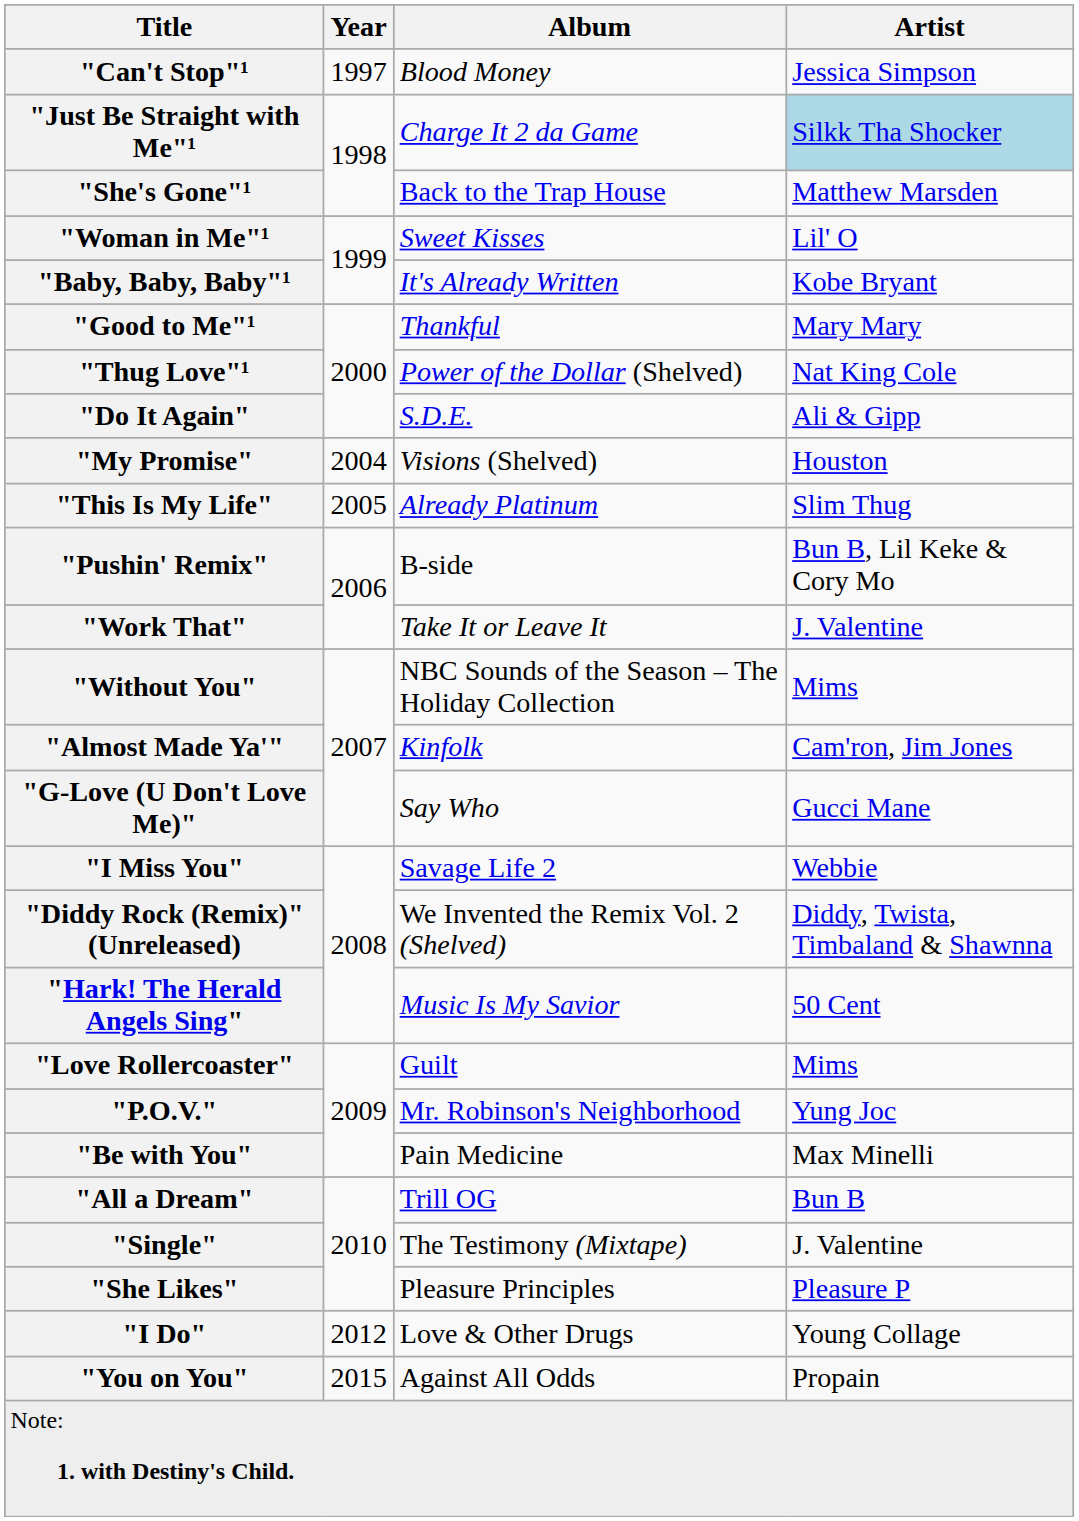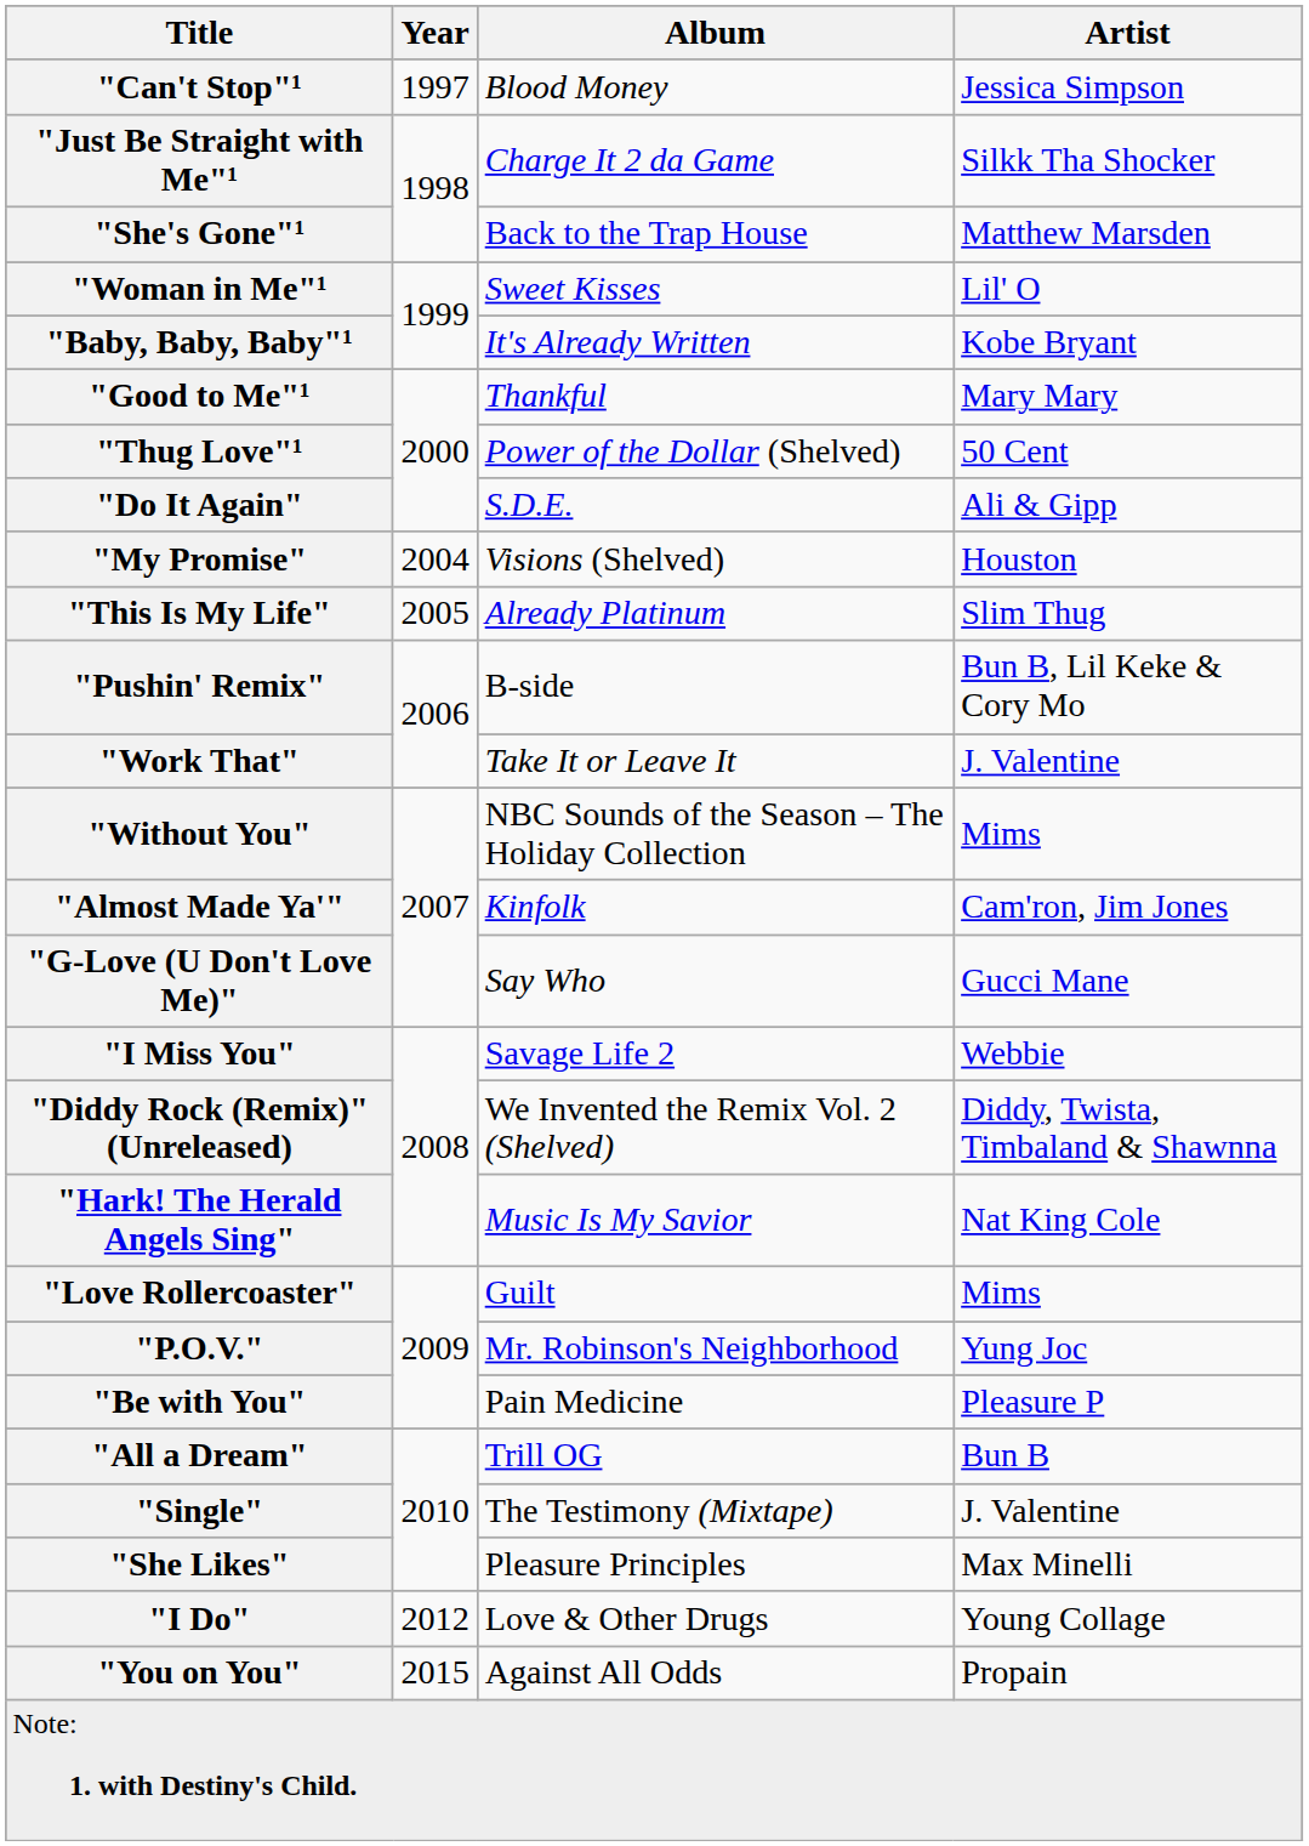 <table class="wikitable plainrowheaders">
 <tr>
 <th scope="col">Title</th>
 <th scope="col">Year</th>
 <th scope="col">Album</th>
 <th scope="col">Artist</th>
 </tr>
 <tr>
 <th scope="row">"Can't Stop"¹</th>
 <td align="left">1997</td>
 <td align="left"><em>Blood Money</em></td>
 <td align="left"><a href='#'>Jessica Simpson</a></td>
 </tr>
 <tr>
 <th scope="row">"Just Be Straight with Me"¹</th>
 <td style="text-align:left;" rowspan="2">1998</td>
 <td align="left"><em><a href='#'>Charge It 2 da Game</a></em></td>
-<td align="left" style="background: lightblue;"><a href='#'>Silkk Tha Shocker</a></td>
+<td align="left"><a href='#'>Silkk Tha Shocker</a></td>
 </tr>
 <tr>
 <th scope="row">"She's Gone"¹</th>
 <td align="left"></em><a href='#'>Back to the Trap House</a><em></td>
 <td align="left"><a href='#'>Matthew Marsden</a></td>
 </tr>
 <tr>
 <th scope="row">"Woman in Me"¹</th>
 <td style="text-align:left;" rowspan="2">1999</td>
 <td align="left"><em><a href='#'>Sweet Kisses</a></em></td>
 <td align="left"><a href='#'>Lil' O</a></td>
 </tr>
 <tr>
 <th scope="row">"Baby, Baby, Baby"¹</th>
 <td align="left"><em><a href='#'>It's Already Written</a></em></td>
 <td align="left"><a href='#'>Kobe Bryant</a></td>
 </tr>
 <tr>
 <th scope="row">"Good to Me"¹</th>
 <td style="text-align:left;" rowspan="3">2000</td>
 <td align="left"><em><a href='#'>Thankful</a></em></td>
 <td align="left"><a href='#'>Mary Mary</a></td>
 </tr>
 <tr>
 <th scope="row">"Thug Love"¹</th>
 <td align="left"><em><a href='#'>Power of the Dollar</a></em> (Shelved)</td>
-<td align="left"><a href='#'>Nat King Cole</a></td>
+<td align="left"><a href='#'>50 Cent</a></td>
 </tr>
 <tr>
 <th scope="row">"Do It Again"</th>
 <td align="left"><em><a href='#'>S.D.E.</a></em></td>
 <td align="left"><a href='#'>Ali & Gipp</a></td>
 </tr>
 <tr>
 <th scope="row">"My Promise"</th>
 <td align="left">2004</td>
 <td align="left"><em>Visions</em> (Shelved)</td>
 <td align="left"><a href='#'>Houston</a></td>
 </tr>
 <tr>
 <th scope="row">"This Is My Life"</th>
 <td align="left">2005</td>
 <td align="left"><em><a href='#'>Already Platinum</a></em></td>
 <td align="left"><a href='#'>Slim Thug</a></td>
 </tr>
 <tr>
 <th scope="row">"Pushin' Remix"</th>
 <td style="text-align:left;" rowspan="2">2006</td>
 <td align="left">B-side</td>
 <td align="left"><a href='#'>Bun B</a>, Lil Keke & Cory Mo</td>
 </tr>
 <tr>
 <th scope="row">"Work That"</th>
 <td align="left"><em>Take It or Leave It</em></td>
 <td align="left"><a href='#'>J. Valentine</a></td>
 </tr>
 <tr>
 <th scope="row">"Without You"</th>
 <td style="text-align:left;" rowspan="3">2007</td>
 <td align="left"></em>NBC Sounds of the Season – The Holiday Collection<em></td>
 <td align="left"><a href='#'>Mims</a></td>
 </tr>
 <tr>
 <th scope="row">"Almost Made Ya'"</th>
 <td align="left"><em><a href='#'>Kinfolk</a><strong></td>
 <td align="left"><a href='#'>Cam'ron</a>, <a href='#'>Jim Jones</a></td>
 </tr>
 <tr>
 <th scope="row">"G-Love (U Don't Love Me)"</th>
 <td align="left"><em>Say Who</em></td>
 <td align="left"><a href='#'>Gucci Mane</a></td>
 </tr>
 <tr>
 <th scope="row">"I Miss You"</th>
 <td style="text-align:left;" rowspan="3">2008</td>
 <td align="left"></em><a href='#'>Savage Life 2</a><em></td>
 <td align="left"><a href='#'>Webbie</a></td>
 </tr>
 <tr>
 <th scope="row">"Diddy Rock (Remix)" (Unreleased)</th>
 <td align="left"></em>We Invented the Remix Vol. 2<em> (Shelved)</td>
 <td align="left"><a href='#'>Diddy</a>, <a href='#'>Twista</a>, <a href='#'>Timbaland</a> & <a href='#'>Shawnna</a></td>
 </tr>
 <tr>
 <th scope="row">"<a href='#'>Hark! The Herald Angels Sing</a>"</th>
 <td align="left"><em><a href='#'>Music Is My Savior</a></em></td>
-<td align="left"><a href='#'>50 Cent</a></td>
+<td align="left"><a href='#'>Nat King Cole</a></td>
 </tr>
 <tr>
 <th scope="row">"Love Rollercoaster"</th>
 <td style="text-align:left;" rowspan="3">2009</td>
 <td align="left"></em><a href='#'>Guilt</a><em></td>
 <td align="left"><a href='#'>Mims</a></td>
 </tr>
 <tr>
 <th scope="row">"P.O.V."</th>
 <td align="left"></em><a href='#'>Mr. Robinson's Neighborhood</a><em></td>
 <td align="left"><a href='#'>Yung Joc</a></td>
 </tr>
 <tr>
 <th scope="row">"Be with You"</th>
 <td align="left"></em>Pain Medicine<em></td>
-<td align="left">Max Minelli</td>
+<td align="left"><a href='#'>Pleasure P</a></td>
 </tr>
 <tr>
 <th scope="row">"All a Dream"</th>
 <td style="text-align:left;" rowspan="3">2010</td>
 <td align="left"></em><a href='#'>Trill OG</a><em></td>
 <td align="left"><a href='#'>Bun B</a></td>
 </tr>
 <tr>
 <th scope="row">"Single"</th>
 <td align="left"></em>The Testimony<em> (Mixtape)</td>
 <td align="left">J. Valentine</td>
 </tr>
 <tr>
 <th scope="row">"She Likes"</th>
 <td align="left"></em>Pleasure Principles<em></td>
-<td align="left"><a href='#'>Pleasure P</a></td>
+<td align="left">Max Minelli</td>
 </tr>
 <tr>
 <th scope="row">"I Do"</th>
 <td style="text-align:left;" rowspan="1">2012</td>
 <td align="left"></em>Love & Other Drugs<em></td>
 <td align="left">Young Collage</td>
 </tr>
 <tr>
 <th scope="row">"You on You"</th>
 <td style="text-align:left;" rowspan="1">2015</td>
 <td align="left"></em>Against All Odds<em></td>
 <td align="left">Propain</td>
 </tr>
 <tr>
 <td colspan="8"  style="font-size:85%; background:#eee;"></strong>Note:<strong><br><ol><li>with Destiny's Child.</ol></td>
 </tr>
 </table>
